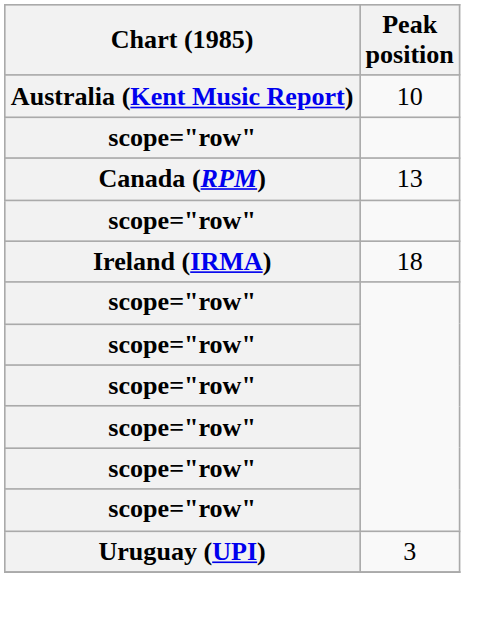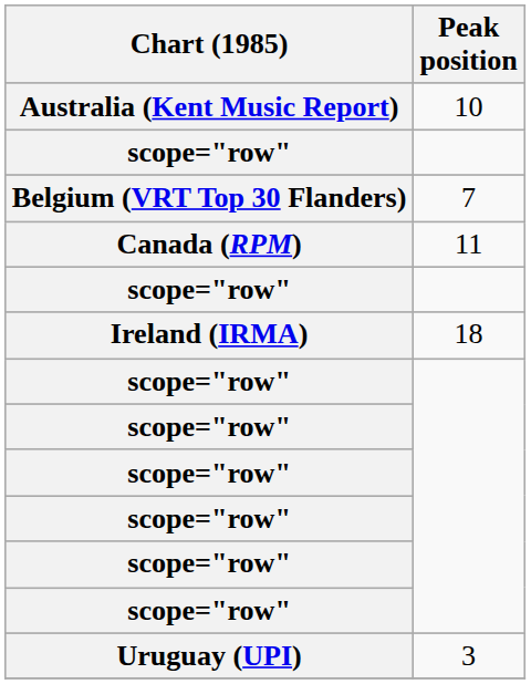 <table class="wikitable sortable plainrowheaders" style="text-align:center">
 <tr>
 <th>Chart (1985)</th>
 <th>Peak<br>position</th>
 </tr>
 <tr>
 <th scope="row">Australia (<a href='#'>Kent Music Report</a>)</th>
 <td align="center">10</td>
 </tr>
 <tr>
 <th>scope="row"</th>
 </tr>
 <tr>
+<th scope="row">Belgium (<a href='#'>VRT Top 30</a> Flanders)</th>
+<td align="center">7</td>
+</tr>
+<tr>
 <th scope="row">Canada (<em><a href='#'>RPM</a></em>)</th>
-<td align="center">13</td>
+<td align="center">11</td>
 </tr>
 <tr>
 <th>scope="row"</th>
 </tr>
 <tr>
 <th scope="row" align="left">Ireland (<a href='#'>IRMA</a>)</th>
 <td align="center">18</td>
 </tr>
 <tr>
 <th>scope="row"</th>
 </tr>
 <tr>
 <th>scope="row"</th>
 </tr>
 <tr>
 <th>scope="row"</th>
 </tr>
 <tr>
 <th>scope="row"</th>
 </tr>
 <tr>
 <th>scope="row"</th>
 </tr>
 <tr>
 <th>scope="row"</th>
 </tr>
 <tr>
 <th scope="row">Uruguay (<a href='#'>UPI</a>)</th>
 <td>3</td>
 </tr>
 <tr>
 </tr>
 </table>
